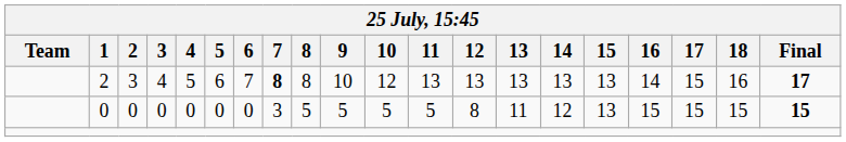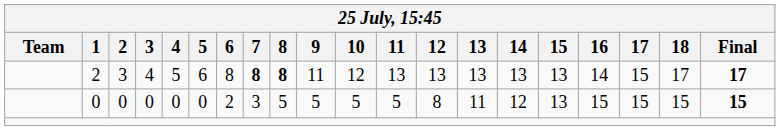 <table class=wikitable style="text-align:center; width: 55%">
 <tr>
 <th colspan=20><em>25 July, 15:45</em></th>
 </tr>
 <tr>
 <th>Team</th>
 <th>1</th>
 <th>2</th>
 <th>3</th>
 <th>4</th>
 <th>5</th>
 <th>6</th>
 <th>7</th>
 <th>8</th>
 <th>9</th>
 <th>10</th>
 <th>11</th>
 <th>12</th>
 <th>13</th>
 <th>14</th>
 <th>15</th>
 <th>16</th>
 <th>17</th>
 <th>18</th>
 <th>Final</th>
 </tr>
 <tr>
 <td align=left><strong></strong></td>
 <td>2</td>
 <td>3</td>
 <td>4</td>
 <td>5</td>
 <td>6</td>
-<td>7</td>
+<td>8</td>
 <td><strong>8</strong></td>
-<td>8</td>
-<td>10</td>
+<td><strong>8</strong></td>
+<td>11</td>
 <td>12</td>
 <td>13</td>
 <td>13</td>
 <td>13</td>
 <td>13</td>
 <td>13</td>
 <td>14</td>
 <td>15</td>
-<td>16</td>
+<td>17</td>
 <td><strong>17</strong></td>
 </tr>
 <tr>
 <td align=left></td>
 <td>0</td>
 <td>0</td>
 <td>0</td>
 <td>0</td>
 <td>0</td>
-<td>0</td>
+<td>2</td>
 <td>3</td>
 <td>5</td>
 <td>5</td>
 <td>5</td>
 <td>5</td>
 <td>8</td>
 <td>11</td>
 <td>12</td>
 <td>13</td>
 <td>15</td>
 <td>15</td>
 <td>15</td>
 <td><strong>15</strong></td>
 </tr>
 <tr>
 <td colspan=20></td>
 </tr>
 </table>
